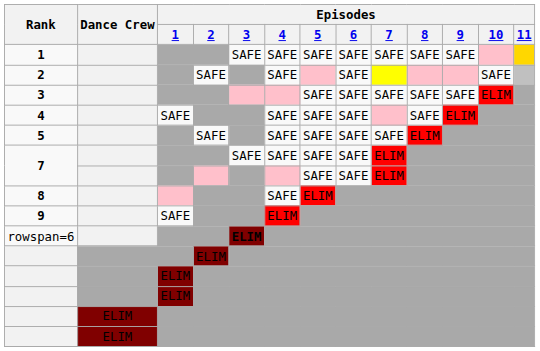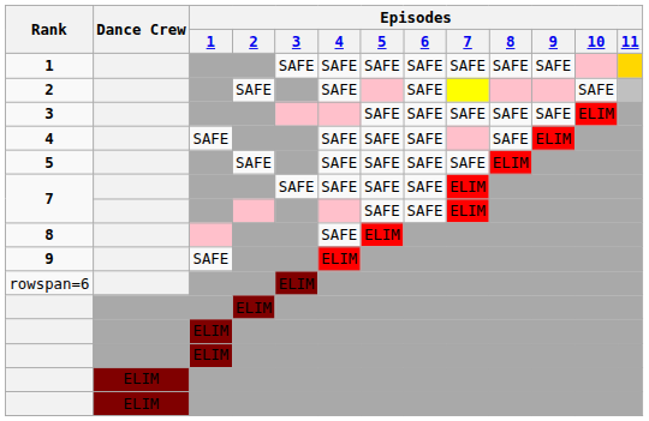 <table class="wikitable" style="text-align:center">
 <tr>
 <th rowspan=2>Rank</th>
 <th rowspan=2>Dance Crew</th>
 <th colspan="11">Episodes</th>
 </tr>
 <tr>
 <th><a href='#'>1</a></th>
 <th><a href='#'>2</a></th>
 <th><a href='#'>3</a></th>
 <th><a href='#'>4</a></th>
 <th><a href='#'>5</a></th>
 <th><a href='#'>6</a></th>
 <th><a href='#'>7</a></th>
 <th><a href='#'>8</a></th>
 <th><a href='#'>9</a></th>
 <th><a href='#'>10</a></th>
 <th><a href='#'>11</a></th>
 </tr>
 <tr>
 <td><strong>1</strong></td>
 <th><strong></strong></th>
 <td style="background:darkgrey;" colspan="2"></td>
 <td>SAFE</td>
 <td>SAFE</td>
 <td>SAFE</td>
 <td>SAFE</td>
 <td>SAFE</td>
 <td>SAFE</td>
 <td>SAFE</td>
 <td style="background:pink;"></td>
 <td style="background:gold;"></td>
 </tr>
 <tr>
 <td><strong>2</strong></td>
 <th><strong></strong></th>
 <td style="background:darkgrey;" colspan="1"></td>
 <td>SAFE</td>
 <td style="background:darkgrey;" colspan="1"></td>
 <td>SAFE</td>
 <td style="background:pink;"></td>
 <td>SAFE</td>
 <td style="background:yellow;"></td>
 <td style="background:pink;"></td>
 <td style="background:pink;"></td>
 <td>SAFE</td>
 <td style="background:silver;"></td>
 </tr>
 <tr>
 <td><strong>3</strong></td>
 <th><strong></strong></th>
 <td style="background:darkgrey;" colspan="2"></td>
 <td style="background:pink;"></td>
 <td style="background:pink;"></td>
 <td>SAFE</td>
 <td>SAFE</td>
 <td>SAFE</td>
 <td>SAFE</td>
 <td>SAFE</td>
 <td bgcolor="red"><span>ELIM</span></td>
 <td style="background:darkgrey;" colspan="8"></td>
 </tr>
 <tr>
 <td><strong>4</strong></td>
 <th><strong></strong></th>
 <td>SAFE</td>
 <td style="background:darkgrey;" colspan="2"></td>
 <td>SAFE</td>
 <td>SAFE</td>
 <td>SAFE</td>
 <td style="background:pink;"></td>
 <td>SAFE</td>
 <td bgcolor="red"><span>ELIM</span></td>
 <td style="background:darkgrey;" colspan="8"></td>
 </tr>
 <tr>
 <td><strong>5</strong></td>
 <th><strong></strong></th>
 <td style="background:darkgrey;" colspan="1"></td>
 <td>SAFE</td>
 <td style="background:darkgrey;" colspan="1"></td>
 <td>SAFE</td>
 <td>SAFE</td>
 <td>SAFE</td>
 <td>SAFE</td>
 <td bgcolor="red"><span>ELIM</span></td>
 <td style="background:darkgrey;" colspan="8"></td>
 </tr>
 <tr>
 <td rowspan=2><strong>7</strong></td>
 <th><strong></strong></th>
 <td style="background:darkgrey;" colspan="2"></td>
 <td>SAFE</td>
 <td>SAFE</td>
 <td>SAFE</td>
 <td>SAFE</td>
 <td bgcolor="red"><span>ELIM</span></td>
 <td style="background:darkgrey;" colspan="8"></td>
 </tr>
 <tr>
 <th><strong></strong></th>
 <td style="background:darkgrey;" colspan="1"></td>
 <td style="background:pink;"></td>
 <td style="background:darkgrey;" colspan="1"></td>
 <td style="background:pink;"></td>
 <td>SAFE</td>
 <td>SAFE</td>
 <td bgcolor="red"><span>ELIM</span></td>
 <td style="background:darkgrey;" colspan="8"></td>
 </tr>
 <tr>
 <td><strong>8</strong></td>
 <th><strong></strong></th>
 <td style="background:pink;"></td>
 <td style="background:darkgrey;" colspan="2"></td>
 <td>SAFE</td>
 <td bgcolor="red"><span>ELIM</span></td>
 <td style="background:darkgrey;" colspan="8"></td>
 </tr>
 <tr>
 <td><strong>9</strong></td>
 <th><strong></strong></th>
 <td>SAFE</td>
 <td style="background:darkgrey;" colspan="2"></td>
 <td bgcolor="red"><span>ELIM</span></td>
 <td style="background:darkgrey;" colspan="8"></td>
 </tr>
 <tr>
 <td>rowspan=6 </td>
 <th><strong></strong></th>
 <td style="background:darkgrey;" colspan="2"></td>
-<td bgcolor="maroon"><strong><span>ELIM</span></strong></td>
+<td bgcolor="maroon"><span>ELIM</span></td>
 <td style="background:darkgrey;" colspan="11"></td>
 </tr>
 <tr>
 <th><strong></strong></th>
 <td style="background:darkgrey;" colspan="2"></td>
 <td bgcolor="maroon"><span>ELIM</span></td>
 <td style="background:darkgrey;" colspan="11"></td>
 </tr>
 <tr>
 <th><strong></strong></th>
 <td style="background:darkgrey;" colspan="1"></td>
 <td bgcolor="maroon"><span>ELIM</span></td>
 <td style="background:darkgrey;" colspan="11"></td>
 </tr>
 <tr>
 <th><strong></strong></th>
 <td style="background:darkgrey;" colspan="1"></td>
 <td bgcolor="maroon"><span>ELIM</span></td>
 <td style="background:darkgrey;" colspan="11"></td>
 </tr>
 <tr>
 <th><strong></strong></th>
 <td bgcolor="maroon"><span>ELIM</span></td>
 <td style="background:darkgrey;" colspan="11"></td>
 </tr>
 <tr>
 <th><strong></strong></th>
 <td bgcolor="maroon"><span>ELIM</span></td>
 <td style="background:darkgrey;" colspan="11"></td>
 </tr>
 <tr>
 </tr>
 </table>
